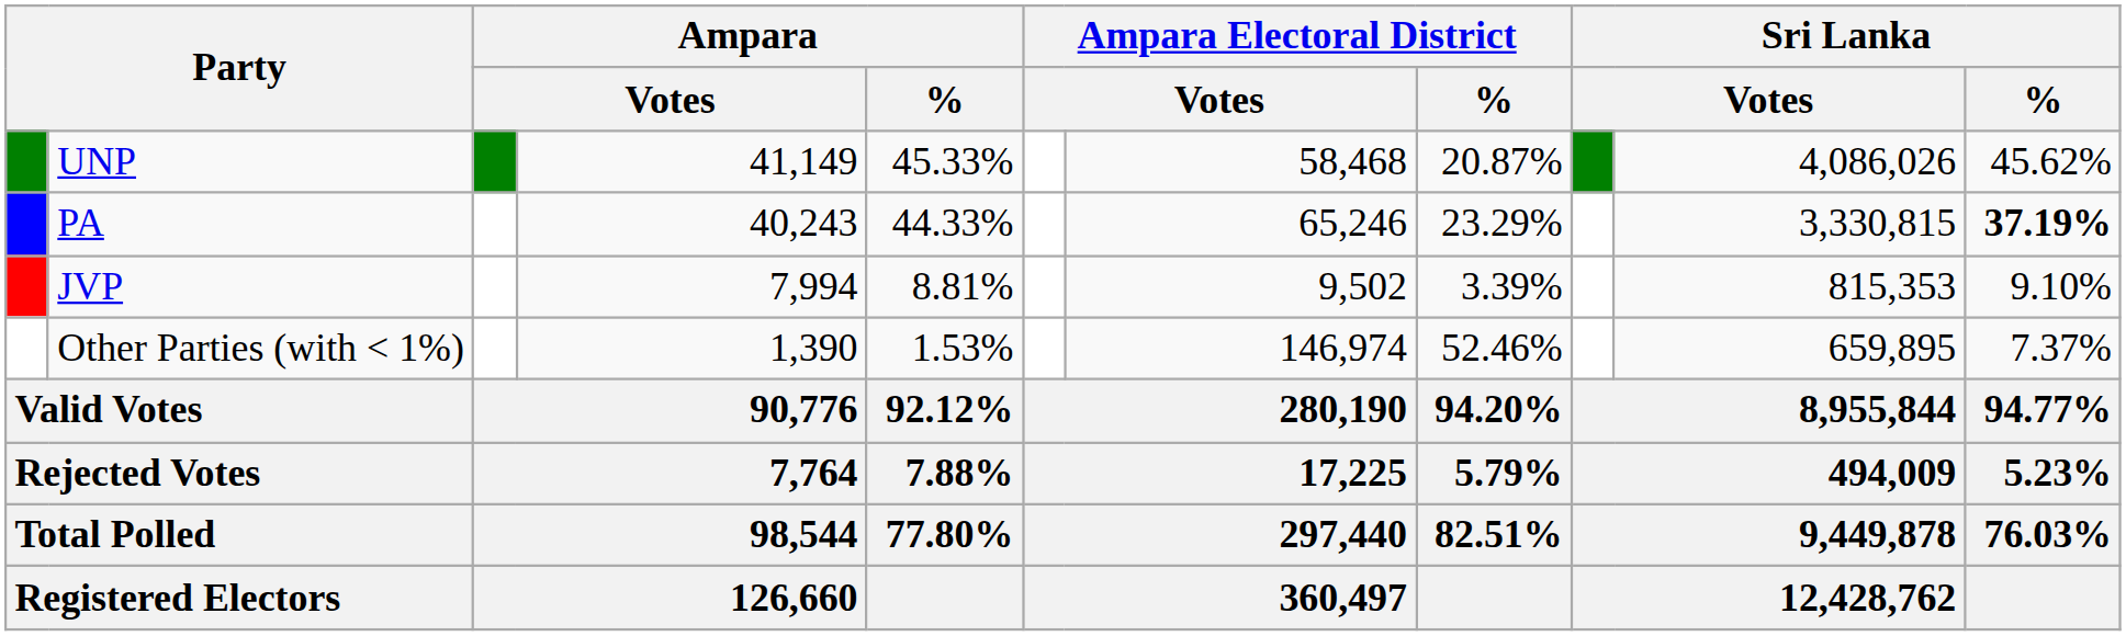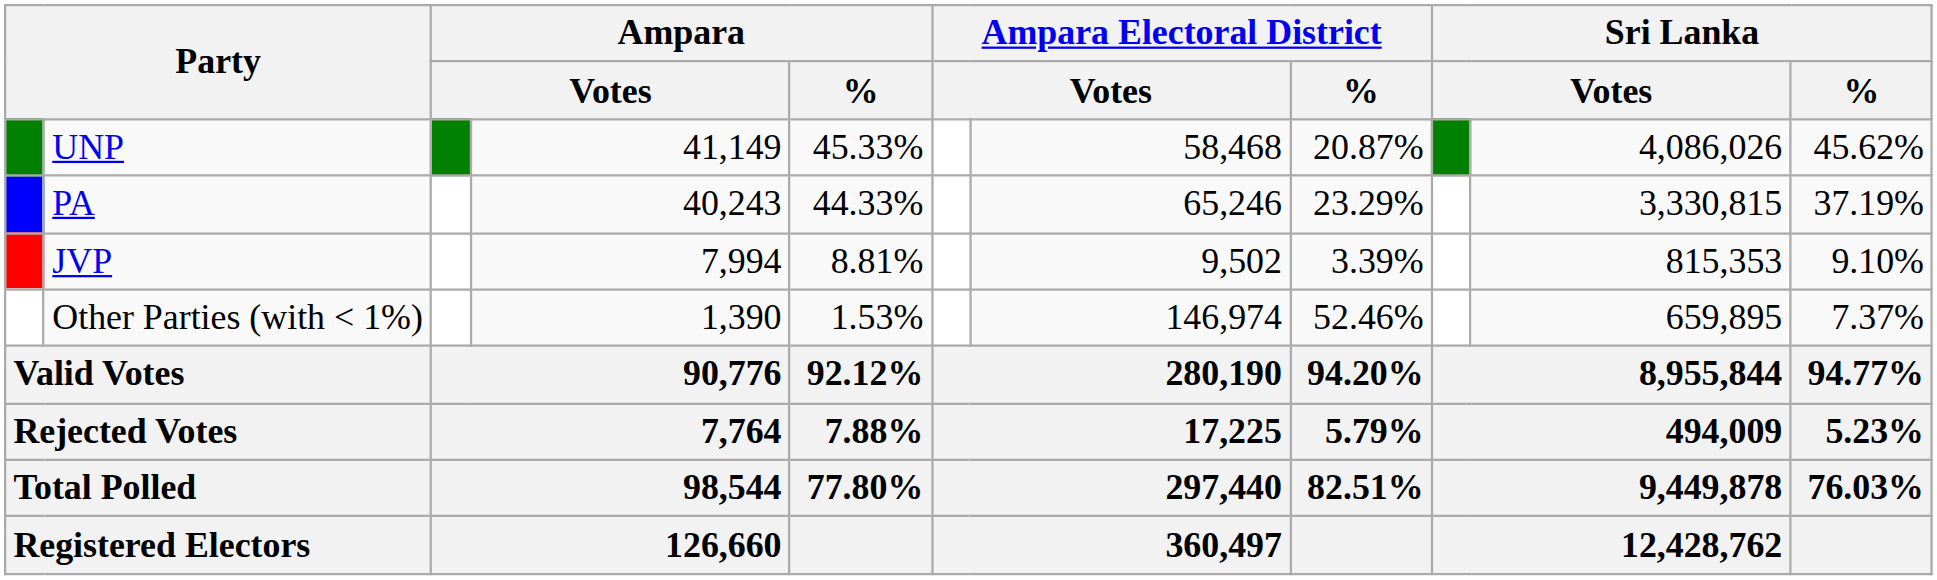 <table class="wikitable">
 <tr>
 <th colspan="2" width="144px"rowspan="2">Party</th>
 <th colspan="3" width="216px">Ampara</th>
 <th colspan="3" width="216px"><a href='#'>Ampara Electoral District</a></th>
 <th colspan="3" width="216px">Sri Lanka</th>
 </tr>
 <tr>
 <th colspan="2" width="144px">Votes</th>
 <th>%</th>
 <th colspan="2" width="144px">Votes</th>
 <th>%</th>
 <th colspan="2" width="144px">Votes</th>
 <th>%</th>
 </tr>
 <tr>
 <td style="background-color:green;" width="10px"></td>
 <td style="text-align:left;"><a href='#'>UNP</a></td>
 <td style="background-color:green;" width="10px"></td>
 <td style="text-align:right;">41,149</td>
 <td style="text-align:right;">45.33%</td>
 <td style="background-color:white;" width="10px"></td>
 <td style="text-align:right;">58,468</td>
 <td style="text-align:right;">20.87%</td>
 <td style="background-color:green;" width="10px"></td>
 <td style="text-align:right;">4,086,026</td>
 <td style="text-align:right;">45.62%</td>
 </tr>
 <tr>
 <td style="background-color:blue;" width="10px"></td>
 <td style="text-align:left;"><a href='#'>PA</a></td>
 <td style="background-color:white;" width="10px"></td>
 <td style="text-align:right;">40,243</td>
 <td style="text-align:right;">44.33%</td>
 <td style="background-color:white;" width="10px"></td>
 <td style="text-align:right;">65,246</td>
 <td style="text-align:right;">23.29%</td>
 <td style="background-color:white;" width="10px"></td>
 <td style="text-align:right;">3,330,815</td>
-<td style="text-align:right;"><strong>37.19%</strong></td>
+<td style="text-align:right;">37.19%</td>
 </tr>
 <tr>
 <td style="background-color:red;" width="10px"></td>
 <td style="text-align:left;"><a href='#'>JVP</a></td>
 <td style="background-color:white;" width="10px"></td>
 <td style="text-align:right;">7,994</td>
 <td style="text-align:right;">8.81%</td>
 <td style="background-color:white;" width="10px"></td>
 <td style="text-align:right;">9,502</td>
 <td style="text-align:right;">3.39%</td>
 <td style="background-color:white;" width="10px"></td>
 <td style="text-align:right;">815,353</td>
 <td style="text-align:right;">9.10%</td>
 </tr>
 <tr>
 <td style="background-color:white;" width="10px"></td>
 <td style="text-align:left;">Other Parties (with < 1%)</td>
 <td style="background-color:white;" width="10px"></td>
 <td style="text-align:right;">1,390</td>
 <td style="text-align:right;">1.53%</td>
 <td style="background-color:white;" width="10px"></td>
 <td style="text-align:right;">146,974</td>
 <td style="text-align:right;">52.46%</td>
 <td style="background-color:white;" width="10px"></td>
 <td style="text-align:right;">659,895</td>
 <td style="text-align:right;">7.37%</td>
 </tr>
 <tr>
 <th colspan="2" width="144px"style="text-align:left;">Valid Votes</th>
 <th style="text-align:right;"colspan="2" width="144px">90,776</th>
 <th style="text-align:right;">92.12%</th>
 <th style="text-align:right;"colspan="2" width="144px">280,190</th>
 <th style="text-align:right;">94.20%</th>
 <th style="text-align:right;"colspan="2" width="144px">8,955,844</th>
 <th style="text-align:right;">94.77%</th>
 </tr>
 <tr>
 <th colspan="2" width="144px"style="text-align:left;">Rejected Votes</th>
 <th style="text-align:right;"colspan="2" width="144px">7,764</th>
 <th style="text-align:right;">7.88%</th>
 <th style="text-align:right;"colspan="2" width="144px">17,225</th>
 <th style="text-align:right;">5.79%</th>
 <th style="text-align:right;"colspan="2" width="144px">494,009</th>
 <th style="text-align:right;">5.23%</th>
 </tr>
 <tr>
 <th colspan="2" width="144px"style="text-align:left;">Total Polled</th>
 <th style="text-align:right;"colspan="2" width="144px">98,544</th>
 <th style="text-align:right;">77.80%</th>
 <th style="text-align:right;"colspan="2" width="144px">297,440</th>
 <th style="text-align:right;">82.51%</th>
 <th style="text-align:right;"colspan="2" width="144px">9,449,878</th>
 <th style="text-align:right;">76.03%</th>
 </tr>
 <tr>
 <th colspan="2" width="144px"style="text-align:left;">Registered Electors</th>
 <th style="text-align:right;"colspan="2" width="144px">126,660</th>
 <th></th>
 <th style="text-align:right;"colspan="2" width="144px">360,497</th>
 <th></th>
 <th style="text-align:right;"colspan="2" width="144px">12,428,762</th>
 <th></th>
 </tr>
 </table>
